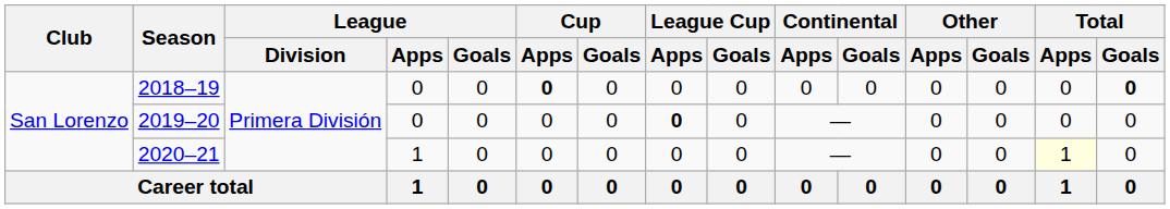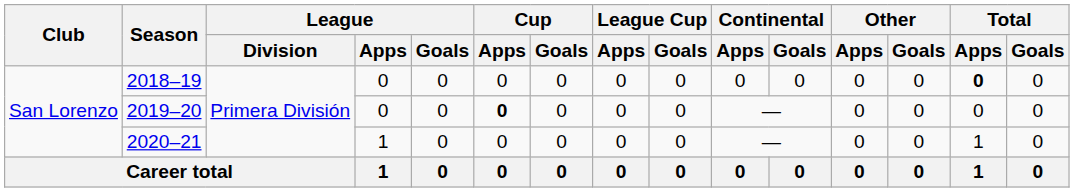 <table class="wikitable" style="text-align:center">
 <tr>
 <th rowspan="2">Club</th>
 <th rowspan="2">Season</th>
 <th colspan="3">League</th>
 <th colspan="2">Cup</th>
 <th colspan="2">League Cup</th>
 <th colspan="2">Continental</th>
 <th colspan="2">Other</th>
 <th colspan="2">Total</th>
 </tr>
 <tr>
 <th>Division</th>
 <th>Apps</th>
 <th>Goals</th>
 <th>Apps</th>
 <th>Goals</th>
 <th>Apps</th>
 <th>Goals</th>
 <th>Apps</th>
 <th>Goals</th>
 <th>Apps</th>
 <th>Goals</th>
 <th>Apps</th>
 <th>Goals</th>
 </tr>
 <tr>
 <td rowspan="3"><a href='#'>San Lorenzo</a></td>
 <td><a href='#'>2018–19</a></td>
 <td rowspan="3"><a href='#'>Primera División</a></td>
 <td>0</td>
 <td>0</td>
-<td><strong>0</strong></td>
 <td>0</td>
 <td>0</td>
 <td>0</td>
 <td>0</td>
 <td>0</td>
 <td>0</td>
 <td>0</td>
 <td>0</td>
 <td><strong>0</strong></td>
+<td>0</td>
 </tr>
 <tr>
 <td><a href='#'>2019–20</a></td>
 <td>0</td>
 <td>0</td>
+<td><strong>0</strong></td>
 <td>0</td>
 <td>0</td>
-<td><strong>0</strong></td>
 <td>0</td>
 <td colspan="2">—</td>
 <td>0</td>
 <td>0</td>
 <td>0</td>
 <td>0</td>
 </tr>
 <tr>
 <td><a href='#'>2020–21</a></td>
 <td>1</td>
 <td>0</td>
 <td>0</td>
 <td>0</td>
 <td>0</td>
 <td>0</td>
 <td colspan="2">—</td>
 <td>0</td>
 <td>0</td>
-<td style="background: lightyellow;">1</td>
+<td>1</td>
 <td>0</td>
 </tr>
 <tr>
 <th colspan="3">Career total</th>
 <th>1</th>
 <th>0</th>
 <th>0</th>
 <th>0</th>
 <th>0</th>
 <th>0</th>
 <th>0</th>
 <th>0</th>
 <th>0</th>
 <th>0</th>
 <th>1</th>
 <th>0</th>
 </tr>
 </table>
